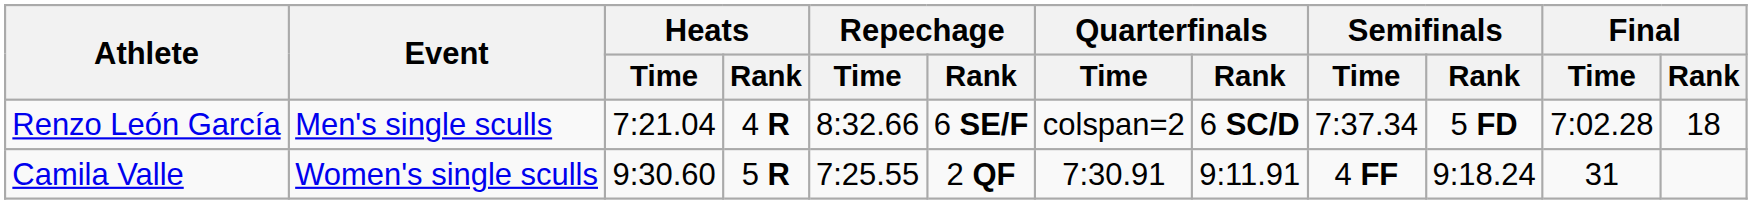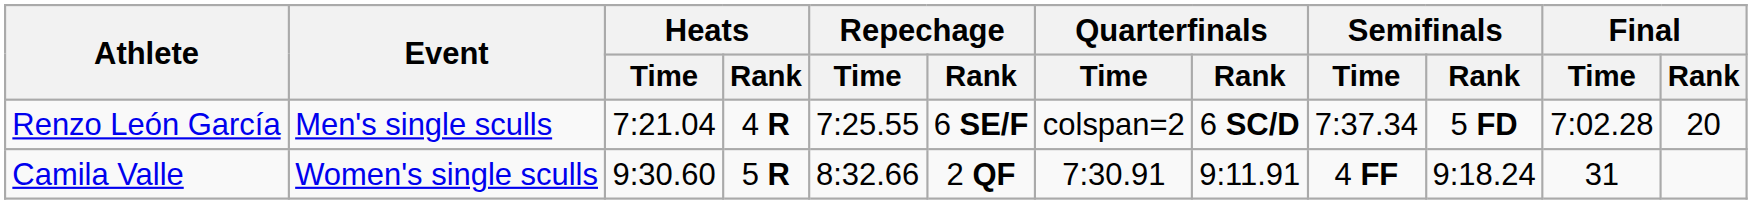 <table class="wikitable" style="font-size:90%">
 <tr>
 <th rowspan="2">Athlete</th>
 <th rowspan="2">Event</th>
 <th colspan="2">Heats</th>
 <th colspan="2">Repechage</th>
 <th colspan="2">Quarterfinals</th>
 <th colspan="2">Semifinals</th>
 <th colspan="2">Final</th>
 </tr>
 <tr style="font-size:95%">
 <th>Time</th>
 <th>Rank</th>
 <th>Time</th>
 <th>Rank</th>
 <th>Time</th>
 <th>Rank</th>
 <th>Time</th>
 <th>Rank</th>
 <th>Time</th>
 <th>Rank</th>
 </tr>
 <tr align=center>
 <td align=left><a href='#'>Renzo León García</a></td>
 <td align=left><a href='#'>Men's single sculls</a></td>
 <td>7:21.04</td>
 <td>4 <strong>R</strong></td>
-<td>8:32.66</td>
+<td>7:25.55</td>
 <td>6 <strong>SE/F</strong></td>
 <td>colspan=2 </td>
 <td>6 <strong>SC/D</strong></td>
 <td>7:37.34</td>
 <td>5 <strong>FD</strong></td>
 <td>7:02.28</td>
-<td>18</td>
+<td>20</td>
 </tr>
 <tr align=center>
 <td align=left><a href='#'>Camila Valle</a></td>
 <td align=left><a href='#'>Women's single sculls</a></td>
 <td>9:30.60</td>
 <td>5 <strong>R</strong></td>
-<td>7:25.55</td>
+<td>8:32.66</td>
 <td>2 <strong>QF</strong></td>
 <td>7:30.91</td>
 <td>9:11.91</td>
 <td>4 <strong>FF</strong></td>
 <td>9:18.24</td>
 <td>31</td>
 </tr>
 </table>
